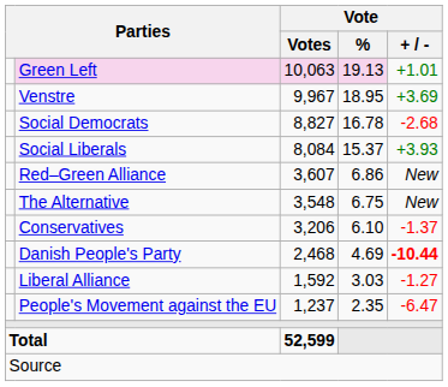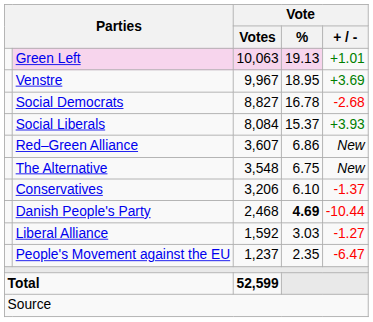 <table class="wikitable" style="text-align:right;">
 <tr>
 <th style="text-align:centre;" rowspan="2" colspan="2" width="225">Parties</th>
 <th colspan="3">Vote</th>
 </tr>
 <tr>
 <th width="15">Votes</th>
 <th width="15">%</th>
 <th width="15">+ / -</th>
 </tr>
 <tr>
 <td width="2" style="color:inherit;background:"></td>
 <td bgcolor=#f7d5ed   align="left"><a href='#'>Green Left</a></td>
 <td bgcolor=#f7d5ed>10,063</td>
 <td bgcolor=#f7d5ed>19.13</td>
 <td style=color:green;>+1.01</td>
 </tr>
 <tr>
 <td width="2" style="color:inherit;background:"></td>
 <td align="left"><a href='#'>Venstre</a></td>
 <td>9,967</td>
 <td>18.95</td>
 <td style=color:green;>+3.69</td>
 </tr>
 <tr>
 <td width="2" style="color:inherit;background:"></td>
 <td align="left"><a href='#'>Social Democrats</a></td>
 <td>8,827</td>
 <td>16.78</td>
 <td style=color:red;>-2.68</td>
 </tr>
 <tr>
 <td width="2" style="color:inherit;background:"></td>
 <td align="left"><a href='#'>Social Liberals</a></td>
 <td>8,084</td>
 <td>15.37</td>
 <td style=color:green;>+3.93</td>
 </tr>
 <tr>
 <td width="2" style="color:inherit;background:"></td>
 <td align="left"><a href='#'>Red–Green Alliance</a></td>
 <td>3,607</td>
 <td>6.86</td>
 <td><em>New</em></td>
 </tr>
 <tr>
 <td width="2" style="color:inherit;background:"></td>
 <td align="left"><a href='#'>The Alternative</a></td>
 <td>3,548</td>
 <td>6.75</td>
 <td><em>New</em></td>
 </tr>
 <tr>
 <td width="2" style="color:inherit;background:"></td>
 <td align="left"><a href='#'>Conservatives</a></td>
 <td>3,206</td>
 <td>6.10</td>
 <td style=color:red;>-1.37</td>
 </tr>
 <tr>
 <td width="2" style="color:inherit;background:"></td>
 <td align="left"><a href='#'>Danish People's Party</a></td>
 <td>2,468</td>
-<td>4.69</td>
-<td style=color:red;><strong>-10.44</strong></td>
+<td><strong>4.69</strong></td>
+<td style=color:red;>-10.44</td>
 </tr>
 <tr>
 <td width="2" style="color:inherit;background:"></td>
 <td align="left"><a href='#'>Liberal Alliance</a></td>
 <td>1,592</td>
 <td>3.03</td>
 <td style=color:red;>-1.27</td>
 </tr>
 <tr>
 <td width="2" style="color:inherit;background:"></td>
 <td align="left"><a href='#'>People's Movement against the EU</a></td>
 <td>1,237</td>
 <td>2.35</td>
 <td style=color:red;>-6.47</td>
 </tr>
 <tr>
 <td colspan="7" bgcolor="#E9E9E9"></td>
 </tr>
 <tr>
 <td align="left" colspan="2"><strong>Total</strong></td>
 <td><strong>52,599</strong></td>
 <td bgcolor="#E9E9E9" colspan="2"></td>
 </tr>
 <tr>
 <td align="left" colspan="6">Source</td>
 </tr>
 </table>
